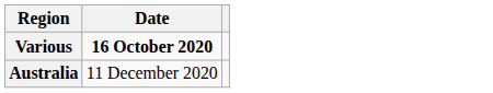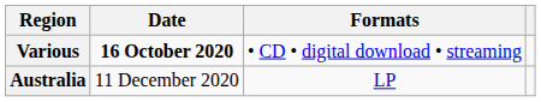 <table class="wikitable plainrowheaders" style="text-align:center;">
 <tr>
 <th>Region</th>
 <th>Date</th>
+<th>Formats</th>
 <th></th>
 </tr>
 <tr>
 <th scope="row">Various</th>
 <td><strong>16 October 2020</strong></td>
+<td>• <a href='#'>CD</a> • <a href='#'>digital download</a> • <a href='#'>streaming</a></td>
 <td></td>
 </tr>
 <tr>
 <th scope="row">Australia</th>
 <td>11 December 2020</td>
+<td><a href='#'>LP</a></td>
 <td></td>
 </tr>
 </table>
